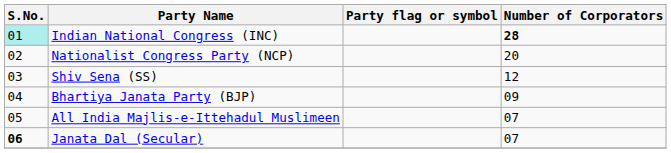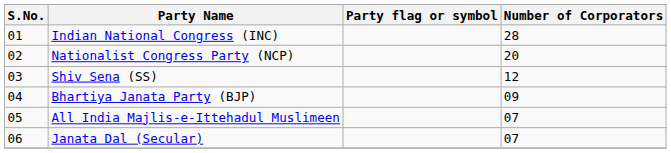 <table class="sortable wikitable">
 <tr>
 <th>S.No.</th>
 <th>Party Name</th>
 <th>Party flag or symbol</th>
 <th>Number of Corporators</th>
 </tr>
 <tr>
-<td style="background: paleturquoise;">01</td>
+<td>01</td>
 <td><a href='#'>Indian National Congress</a> (INC)</td>
 <td></td>
-<td><strong>28</strong></td>
+<td>28</td>
 </tr>
 <tr>
 <td>02</td>
 <td><a href='#'>Nationalist Congress Party</a> (NCP)</td>
 <td></td>
 <td>20</td>
 </tr>
 <tr>
 <td>03</td>
 <td><a href='#'>Shiv Sena</a> (SS)</td>
 <td></td>
 <td>12</td>
 </tr>
 <tr>
 <td>04</td>
 <td><a href='#'>Bhartiya Janata Party</a> (BJP)</td>
 <td></td>
 <td>09</td>
 </tr>
 <tr>
 <td>05</td>
 <td><a href='#'>All India Majlis-e-Ittehadul Muslimeen</a></td>
 <td></td>
 <td>07</td>
 </tr>
 <tr>
-<td><strong>06</strong></td>
+<td>06</td>
 <td><a href='#'>Janata Dal (Secular)</a></td>
 <td></td>
 <td>07</td>
 </tr>
 <tr>
 </tr>
 </table>
